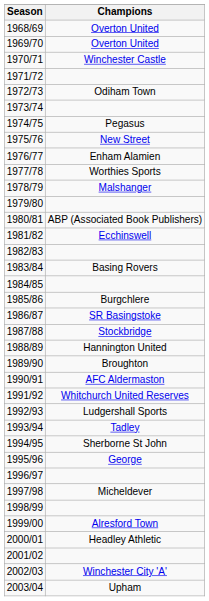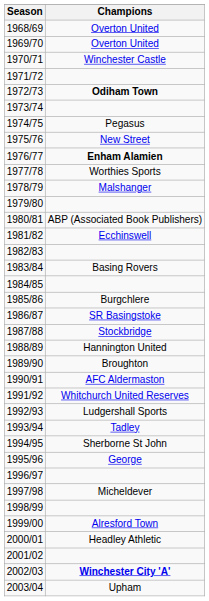 <table class="wikitable collapsible collapsed" style=text-align:center>
 <tr>
 </tr>
 <tr>
 <th>Season</th>
 <th>Champions</th>
 </tr>
 <tr>
 <td>1968/69</td>
 <td><a href='#'>Overton United</a></td>
 </tr>
 <tr>
 <td>1969/70</td>
 <td><a href='#'>Overton United</a></td>
 </tr>
 <tr>
 <td>1970/71</td>
 <td><a href='#'>Winchester Castle</a></td>
 </tr>
 <tr>
 <td>1971/72</td>
 <td></td>
 </tr>
 <tr>
 <td>1972/73</td>
-<td>Odiham Town</td>
+<td><strong>Odiham Town</strong></td>
 </tr>
 <tr>
 <td>1973/74</td>
 <td></td>
 </tr>
 <tr>
 <td>1974/75</td>
 <td>Pegasus</td>
 </tr>
 <tr>
 <td>1975/76</td>
 <td><a href='#'>New Street</a></td>
 </tr>
 <tr>
 <td>1976/77</td>
-<td>Enham Alamien</td>
+<td><strong>Enham Alamien</strong></td>
 </tr>
 <tr>
 <td>1977/78</td>
 <td>Worthies Sports</td>
 </tr>
 <tr>
 <td>1978/79</td>
 <td><a href='#'>Malshanger</a></td>
 </tr>
 <tr>
 <td>1979/80</td>
 <td></td>
 </tr>
 <tr>
 <td>1980/81</td>
 <td>ABP (Associated Book Publishers)</td>
 </tr>
 <tr>
 <td>1981/82</td>
 <td><a href='#'>Ecchinswell</a></td>
 </tr>
 <tr>
 <td>1982/83</td>
 <td></td>
 </tr>
 <tr>
 <td>1983/84</td>
 <td>Basing Rovers</td>
 </tr>
 <tr>
 <td>1984/85</td>
 <td></td>
 </tr>
 <tr>
 <td>1985/86</td>
 <td>Burgchlere</td>
 </tr>
 <tr>
 <td>1986/87</td>
 <td><a href='#'>SR Basingstoke</a></td>
 </tr>
 <tr>
 <td>1987/88</td>
 <td><a href='#'>Stockbridge</a></td>
 </tr>
 <tr>
 <td>1988/89</td>
 <td>Hannington United</td>
 </tr>
 <tr>
 <td>1989/90</td>
 <td>Broughton</td>
 </tr>
 <tr>
 <td>1990/91</td>
 <td><a href='#'>AFC Aldermaston</a></td>
 </tr>
 <tr>
 <td>1991/92</td>
 <td><a href='#'>Whitchurch United Reserves</a></td>
 </tr>
 <tr>
 <td>1992/93</td>
 <td>Ludgershall Sports</td>
 </tr>
 <tr>
 <td>1993/94</td>
 <td><a href='#'>Tadley</a></td>
 </tr>
 <tr>
 <td>1994/95</td>
 <td>Sherborne St John</td>
 </tr>
 <tr>
 <td>1995/96</td>
 <td><a href='#'>George</a></td>
 </tr>
 <tr>
 <td>1996/97</td>
 <td></td>
 </tr>
 <tr>
 <td>1997/98</td>
 <td>Micheldever</td>
 </tr>
 <tr>
 <td>1998/99</td>
 <td></td>
 </tr>
 <tr>
 <td>1999/00</td>
 <td><a href='#'>Alresford Town</a></td>
 </tr>
 <tr>
 <td>2000/01</td>
 <td>Headley Athletic</td>
 </tr>
 <tr>
 <td>2001/02</td>
 <td></td>
 </tr>
 <tr>
 <td>2002/03</td>
-<td><a href='#'>Winchester City 'A'</a></td>
+<td><strong><a href='#'>Winchester City 'A'</a></strong></td>
 </tr>
 <tr>
 <td>2003/04</td>
 <td>Upham</td>
 </tr>
 </table>
